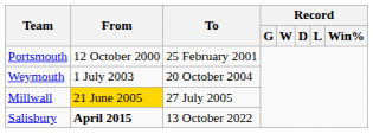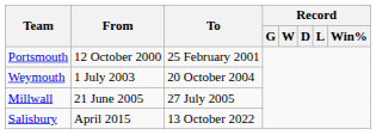 <table class="wikitable" style="text-align: center">
 <tr>
 <th rowspan="2">Team</th>
 <th rowspan="2">From</th>
 <th rowspan="2">To</th>
 <th colspan="5">Record</th>
 </tr>
 <tr>
 <th>G</th>
 <th>W</th>
 <th>D</th>
 <th>L</th>
 <th>Win%</th>
 </tr>
 <tr>
 <td align=left><a href='#'>Portsmouth</a></td>
 <td align=left>12 October 2000</td>
 <td align=left>25 February 2001<br></td>
 </tr>
 <tr>
 <td style="text-align:left;"><a href='#'>Weymouth</a></td>
 <td align=left>1 July 2003</td>
 <td align=left>20 October 2004<br></td>
 </tr>
 <tr>
 <td align=left><a href='#'>Millwall</a></td>
-<td align=left style="background: gold;">21 June 2005</td>
+<td align=left>21 June 2005</td>
 <td align=left>27 July 2005<br></td>
 </tr>
 <tr>
 <td align=left><a href='#'>Salisbury</a></td>
-<td align=left><strong>April 2015</strong></td>
+<td align=left>April 2015</td>
 <td align=left>13 October 2022<br></td>
 </tr>
 </table>
